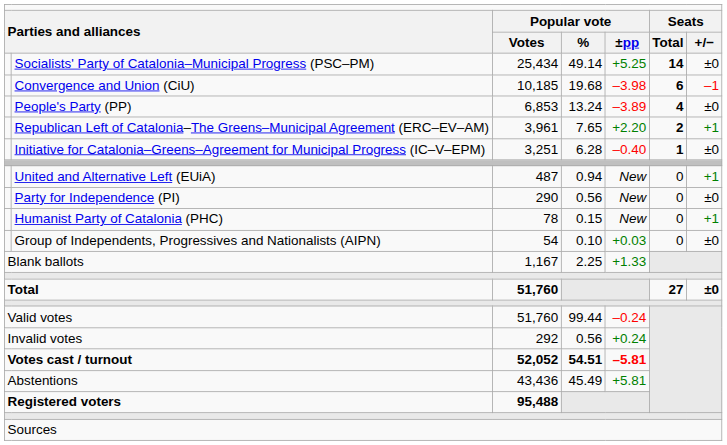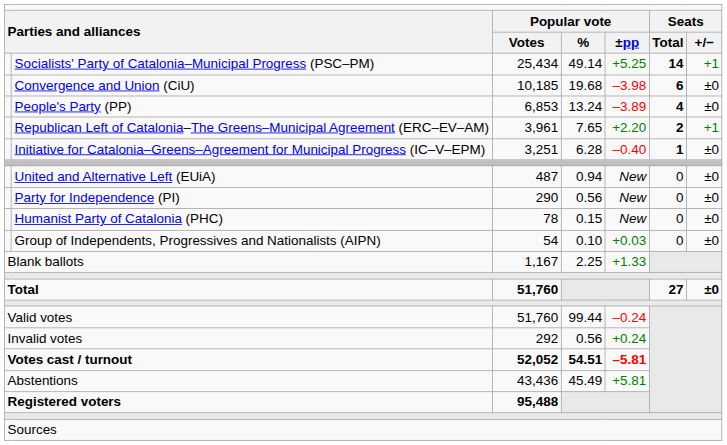 <table class="wikitable" style="text-align:right;">
 <tr>
 <td colspan="7"></td>
 </tr>
 <tr>
 <th style="text-align:left;" rowspan="2" colspan="2" width="525">Parties and alliances</th>
 <th colspan="3">Popular vote</th>
 <th colspan="2">Seats</th>
 </tr>
 <tr>
 <th width="75">Votes</th>
 <th width="45">%</th>
 <th width="45">±<a href='#'>pp</a></th>
 <th width="35">Total</th>
 <th width="35">+/−</th>
 </tr>
 <tr>
 <td width="1" style="color:inherit;background:"></td>
 <td align="left"><a href='#'>Socialists' Party of Catalonia–Municipal Progress</a> (PSC–PM)</td>
 <td>25,434</td>
 <td>49.14</td>
 <td style="color:green;">+5.25</td>
 <td><strong>14</strong></td>
-<td>±0</td>
+<td style="color:green;">+1</td>
 </tr>
 <tr>
 <td style="color:inherit;background:"></td>
 <td align="left"><a href='#'>Convergence and Union</a> (CiU)</td>
 <td>10,185</td>
 <td>19.68</td>
 <td style="color:red;">–3.98</td>
 <td><strong>6</strong></td>
-<td style="color:red;">–1</td>
+<td>±0</td>
 </tr>
 <tr>
 <td style="color:inherit;background:"></td>
 <td align="left"><a href='#'>People's Party</a> (PP)</td>
 <td>6,853</td>
 <td>13.24</td>
 <td style="color:red;">–3.89</td>
 <td><strong>4</strong></td>
 <td>±0</td>
 </tr>
 <tr>
 <td style="color:inherit;background:"></td>
 <td align="left"><a href='#'>Republican Left of Catalonia</a>–<a href='#'>The Greens–Municipal Agreement</a> (ERC–EV–AM)</td>
 <td>3,961</td>
 <td>7.65</td>
 <td style="color:green;">+2.20</td>
 <td><strong>2</strong></td>
 <td style="color:green;">+1</td>
 </tr>
 <tr>
 <td style="color:inherit;background:"></td>
 <td align="left"><a href='#'>Initiative for Catalonia–Greens–Agreement for Municipal Progress</a> (IC–V–EPM)</td>
 <td>3,251</td>
 <td>6.28</td>
 <td style="color:red;">–0.40</td>
 <td><strong>1</strong></td>
 <td>±0</td>
 </tr>
 <tr>
 <td colspan="7" style="color:inherit;background:#C0C0C0"></td>
 </tr>
 <tr>
 <td style="color:inherit;background:"></td>
 <td align="left"><a href='#'>United and Alternative Left</a> (EUiA)</td>
 <td>487</td>
 <td>0.94</td>
 <td><em>New</em></td>
 <td>0</td>
-<td style="color:green;">+1</td>
+<td>±0</td>
 </tr>
 <tr>
 <td style="color:inherit;background:"></td>
 <td align="left"><a href='#'>Party for Independence</a> (PI)</td>
 <td>290</td>
 <td>0.56</td>
 <td><em>New</em></td>
 <td>0</td>
 <td>±0</td>
 </tr>
 <tr>
 <td style="color:inherit;background:"></td>
 <td align="left"><a href='#'>Humanist Party of Catalonia</a> (PHC)</td>
 <td>78</td>
 <td>0.15</td>
 <td><em>New</em></td>
 <td>0</td>
-<td style="color:green;">+1</td>
+<td>±0</td>
 </tr>
 <tr>
 <td style="color:inherit;background:"></td>
 <td align="left">Group of Independents, Progressives and Nationalists (AIPN)</td>
 <td>54</td>
 <td>0.10</td>
 <td style="color:green;">+0.03</td>
 <td>0</td>
 <td>±0</td>
 </tr>
 <tr>
 <td align="left" colspan="2">Blank ballots</td>
 <td>1,167</td>
 <td>2.25</td>
 <td style="color:green;">+1.33</td>
 <td style="color:inherit;background:#E9E9E9" colspan="2"></td>
 </tr>
 <tr>
 <td colspan="7" style="color:inherit;background:#E9E9E9"></td>
 </tr>
 <tr style="font-weight:bold;">
 <td align="left" colspan="2">Total</td>
 <td>51,760</td>
 <td bgcolor="#E9E9E9" colspan="2"></td>
 <td>27</td>
 <td>±0</td>
 </tr>
 <tr>
 <td colspan="7" style="color:inherit;background:#E9E9E9"></td>
 </tr>
 <tr>
 <td align="left" colspan="2">Valid votes</td>
 <td>51,760</td>
 <td>99.44</td>
 <td style="color:red;">–0.24</td>
 <td bgcolor="#E9E9E9" colspan="2" rowspan="5"></td>
 </tr>
 <tr>
 <td align="left" colspan="2">Invalid votes</td>
 <td>292</td>
 <td>0.56</td>
 <td style="color:green;">+0.24</td>
 </tr>
 <tr style="font-weight:bold;">
 <td align="left" colspan="2">Votes cast / turnout</td>
 <td>52,052</td>
 <td>54.51</td>
 <td style="color:red;">–5.81</td>
 </tr>
 <tr>
 <td align="left" colspan="2">Abstentions</td>
 <td>43,436</td>
 <td>45.49</td>
 <td style="color:green;">+5.81</td>
 </tr>
 <tr style="font-weight:bold;">
 <td align="left" colspan="2">Registered voters</td>
 <td>95,488</td>
 <td bgcolor="#E9E9E9" colspan="2"></td>
 </tr>
 <tr>
 <td colspan="7" style="color:inherit;background:#E9E9E9"></td>
 </tr>
 <tr>
 <td align="left" colspan="7">Sources</td>
 </tr>
 </table>
